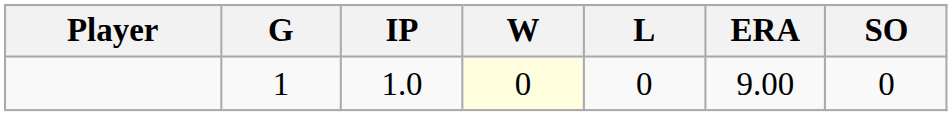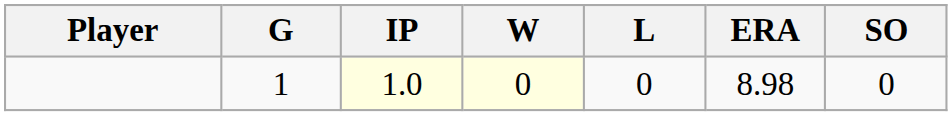 <table class="wikitable sortable">
 <tr>
 <th bgcolor="#DDDDFF" width="16%">Player</th>
 <th bgcolor="#DDDDFF" width="9%">G</th>
 <th bgcolor="#DDDDFF" width="9%">IP</th>
 <th bgcolor="#DDDDFF" width="9%">W</th>
 <th bgcolor="#DDDDFF" width="9%">L</th>
 <th bgcolor="#DDDDFF" width="9%">ERA</th>
 <th bgcolor="#DDDDFF" width="9%">SO</th>
 </tr>
 <tr align="center">
 <td></td>
 <td>1</td>
-<td>1.0</td>
+<td style="background: lightyellow;">1.0</td>
 <td style="background: lightyellow;">0</td>
 <td>0</td>
-<td>9.00</td>
+<td>8.98</td>
 <td>0</td>
 </tr>
 </table>
